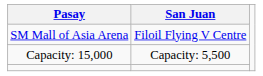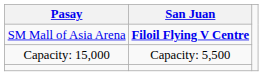 <table class="wikitable" style="text-align:center; margin:1em auto;">
 <tr>
 <th><a href='#'>Pasay</a></th>
 <th><a href='#'>San Juan</a></th>
 <td rowspan=4></td>
 </tr>
 <tr>
 <td><a href='#'>SM Mall of Asia Arena</a></td>
-<td><a href='#'>Filoil Flying V Centre</a></td>
+<td><strong><a href='#'>Filoil Flying V Centre</a></strong></td>
 </tr>
 <tr>
 <td>Capacity: 15,000</td>
 <td>Capacity: 5,500</td>
 </tr>
 <tr>
 <td></td>
 <td></td>
 </tr>
 </table>
